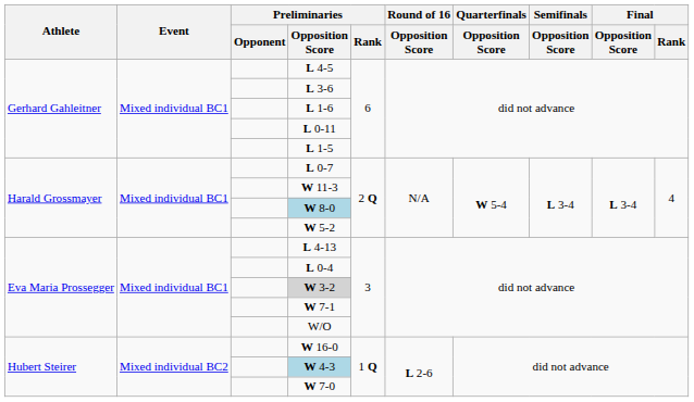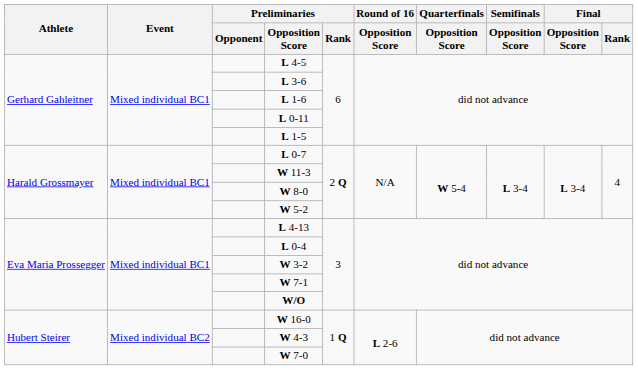 <table class=wikitable style="font-size:90%">
 <tr>
 <th rowspan="2">Athlete</th>
 <th rowspan="2">Event</th>
 <th colspan="3">Preliminaries</th>
 <th>Round of 16</th>
 <th>Quarterfinals</th>
 <th>Semifinals</th>
 <th colspan="2">Final</th>
 </tr>
 <tr>
 <th>Opponent</th>
 <th>Opposition<br>Score</th>
 <th>Rank</th>
 <th>Opposition<br>Score</th>
 <th>Opposition<br>Score</th>
 <th>Opposition<br>Score</th>
 <th>Opposition<br>Score</th>
 <th>Rank</th>
 </tr>
 <tr>
 <td rowspan="5"><a href='#'>Gerhard Gahleitner</a></td>
 <td rowspan="5"><a href='#'>Mixed individual BC1</a></td>
 <td align="left"></td>
 <td align="center"><strong>L</strong> 4-5</td>
 <td align="center" rowspan="5">6</td>
 <td align="center" rowspan="5" colspan="5">did not advance</td>
 </tr>
 <tr>
 <td align="left"></td>
 <td align="center"><strong>L</strong> 3-6</td>
 </tr>
 <tr>
 <td align="left"></td>
 <td align="center"><strong>L</strong> 1-6</td>
 </tr>
 <tr>
 <td align="left"></td>
 <td align="center"><strong>L</strong> 0-11</td>
 </tr>
 <tr>
 <td align="left"></td>
 <td align="center"><strong>L</strong> 1-5</td>
 </tr>
 <tr>
 <td rowspan="4"><a href='#'>Harald Grossmayer</a></td>
 <td rowspan="4"><a href='#'>Mixed individual BC1</a></td>
 <td align="left"></td>
 <td align="center"><strong>L</strong> 0-7</td>
 <td align="center" rowspan="4">2 <strong>Q</strong></td>
 <td align="center" rowspan="4">N/A</td>
 <td align="center" rowspan="4"><br><strong>W</strong> 5-4</td>
 <td align="center" rowspan="4"><br><strong>L</strong> 3-4</td>
 <td align="center" rowspan="4"><br><strong>L</strong> 3-4</td>
 <td align="center" rowspan="4">4</td>
 </tr>
 <tr>
 <td align="left"></td>
 <td align="center"><strong>W</strong> 11-3</td>
 </tr>
 <tr>
 <td align="left"></td>
-<td align="center" style="background: lightblue;"><strong>W</strong> 8-0</td>
+<td align="center"><strong>W</strong> 8-0</td>
 </tr>
 <tr>
 <td align="left"></td>
 <td align="center"><strong>W</strong> 5-2</td>
 </tr>
 <tr>
 <td rowspan="5"><a href='#'>Eva Maria Prossegger</a></td>
 <td rowspan="5"><a href='#'>Mixed individual BC1</a></td>
 <td align="left"></td>
 <td align="center"><strong>L</strong> 4-13</td>
 <td align="center" rowspan="5">3</td>
 <td align="center" rowspan="5" colspan="5">did not advance</td>
 </tr>
 <tr>
 <td align="left"></td>
 <td align="center"><strong>L</strong> 0-4</td>
 </tr>
 <tr>
 <td align="left"></td>
-<td align="center" style="background: lightgrey;"><strong>W</strong> 3-2</td>
+<td align="center"><strong>W</strong> 3-2</td>
 </tr>
 <tr>
 <td align="left"></td>
 <td align="center"><strong>W</strong> 7-1</td>
 </tr>
 <tr>
 <td align="left"></td>
-<td align="center">W/O</td>
+<td align="center"><strong>W/O</strong></td>
 </tr>
 <tr>
 <td rowspan="3"><a href='#'>Hubert Steirer</a></td>
 <td rowspan="3"><a href='#'>Mixed individual BC2</a></td>
 <td align="left"></td>
 <td align="center"><strong>W</strong> 16-0</td>
 <td align="center" rowspan="3">1 <strong>Q</strong></td>
 <td align="center" rowspan="3"><br><strong>L</strong> 2-6</td>
 <td align="center" rowspan="3" colspan="4">did not advance</td>
 </tr>
 <tr>
 <td align="left"></td>
-<td align="center" style="background: lightblue;"><strong>W</strong> 4-3</td>
+<td align="center"><strong>W</strong> 4-3</td>
 </tr>
 <tr>
 <td align="left"></td>
 <td align="center"><strong>W</strong> 7-0</td>
 </tr>
 </table>
